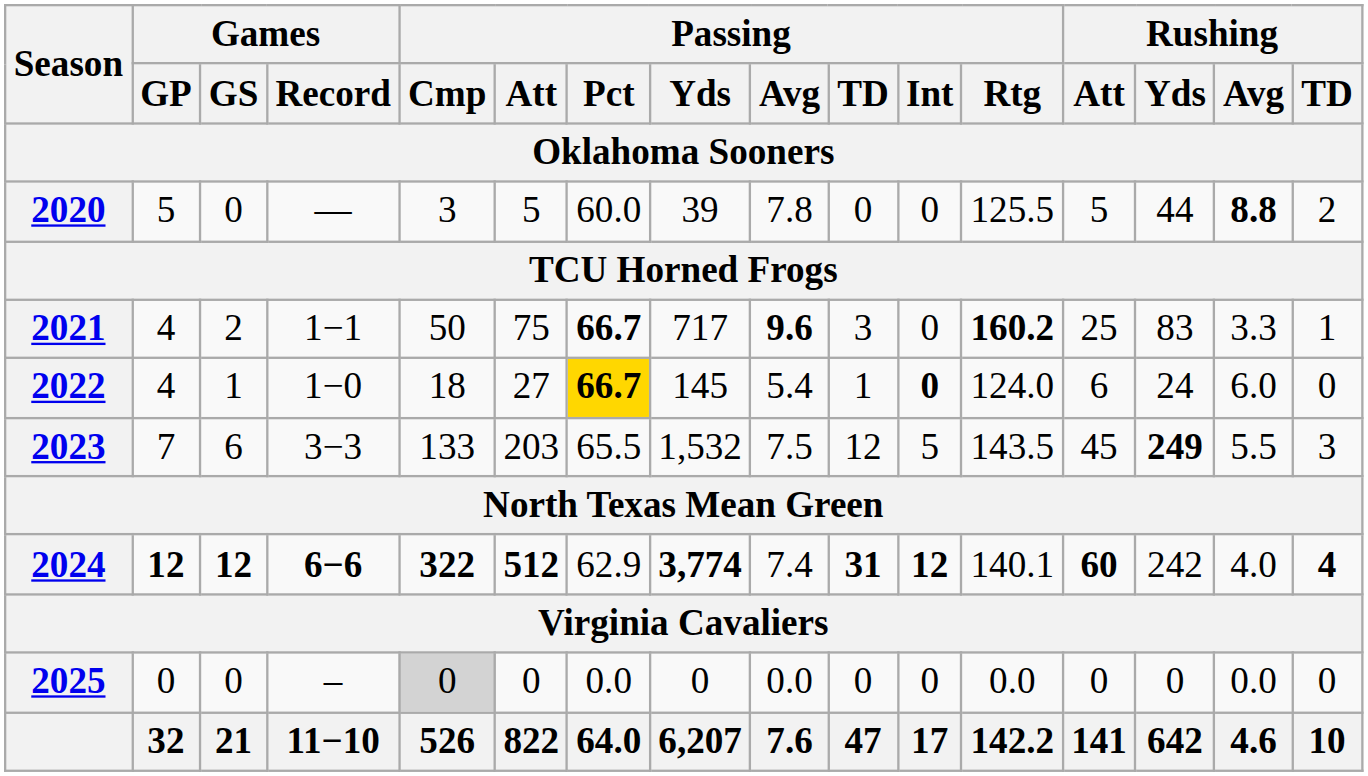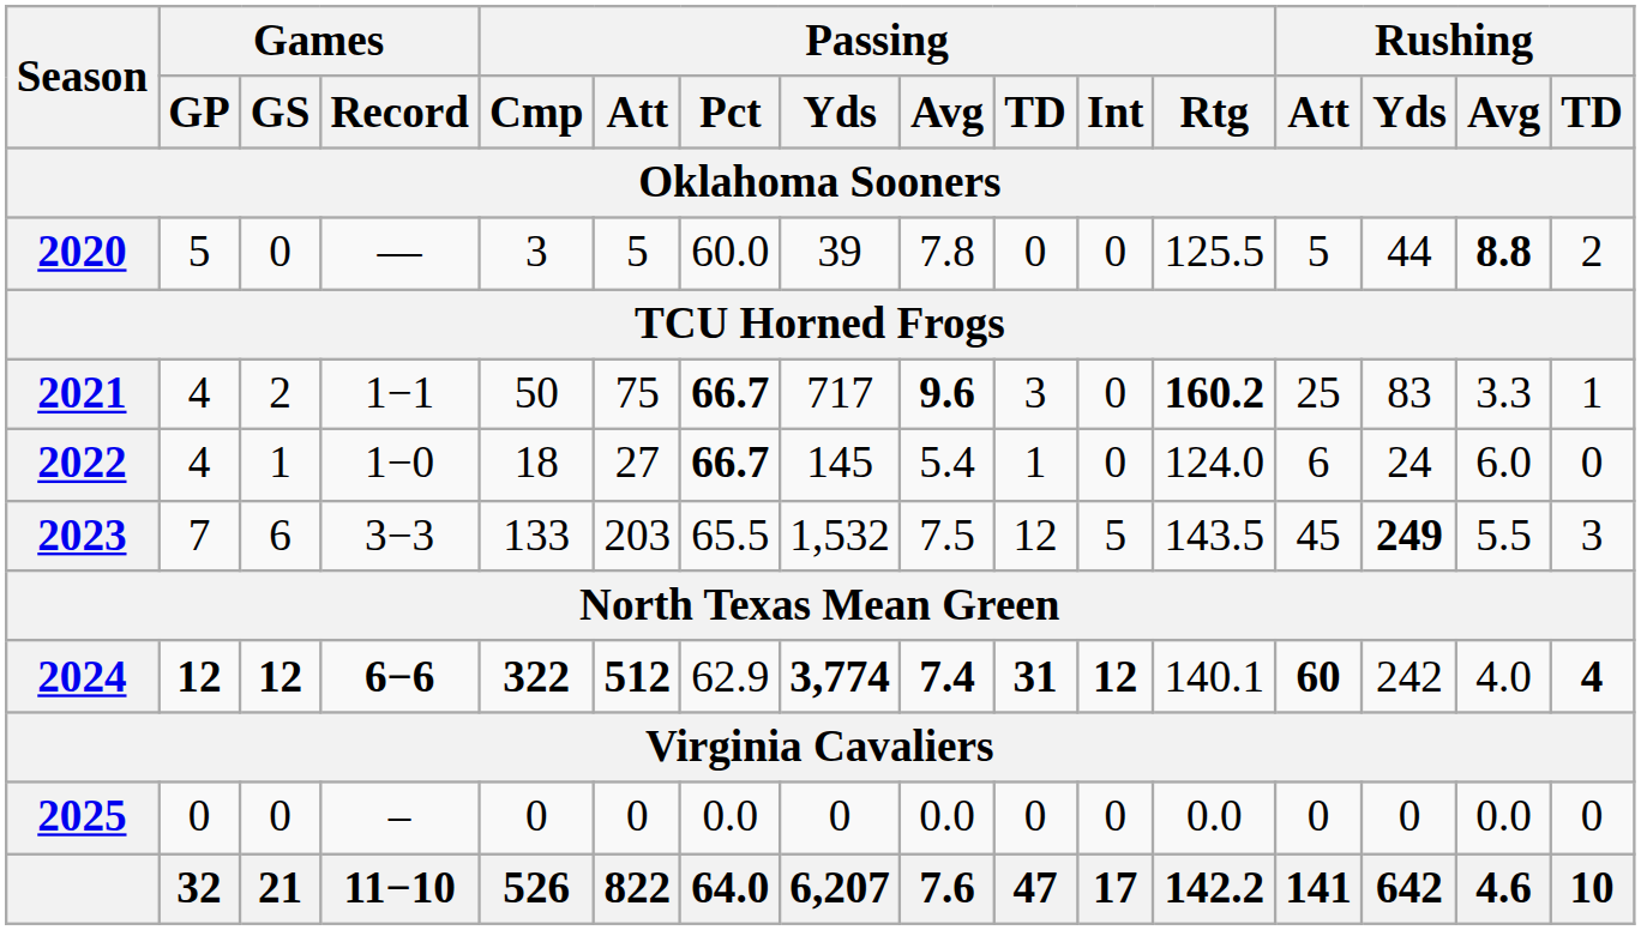 <table class="wikitable" style="text-align:center;">
 <tr>
 <th rowspan="2">Season</th>
 <th colspan="3">Games</th>
 <th colspan="8">Passing</th>
 <th colspan="5">Rushing</th>
 </tr>
 <tr>
 <th>GP</th>
 <th>GS</th>
 <th>Record</th>
 <th>Cmp</th>
 <th>Att</th>
 <th>Pct</th>
 <th>Yds</th>
 <th>Avg</th>
 <th>TD</th>
 <th>Int</th>
 <th>Rtg</th>
 <th>Att</th>
 <th>Yds</th>
 <th>Avg</th>
 <th>TD</th>
 </tr>
 <tr>
 <th colspan="16">Oklahoma Sooners</th>
 </tr>
 <tr>
 <th><a href='#'>2020</a></th>
 <td>5</td>
 <td>0</td>
 <td>—</td>
 <td>3</td>
 <td>5</td>
 <td>60.0</td>
 <td>39</td>
 <td>7.8</td>
 <td>0</td>
 <td>0</td>
 <td>125.5</td>
 <td>5</td>
 <td>44</td>
 <td><strong>8.8</strong></td>
 <td>2</td>
 </tr>
 <tr>
 <th colspan="16">TCU Horned Frogs</th>
 </tr>
 <tr>
 <th><a href='#'>2021</a></th>
 <td>4</td>
 <td>2</td>
 <td>1−1</td>
 <td>50</td>
 <td>75</td>
 <td><strong>66.7</strong></td>
 <td>717</td>
 <td><strong>9.6</strong></td>
 <td>3</td>
 <td>0</td>
 <td><strong>160.2</strong></td>
 <td>25</td>
 <td>83</td>
 <td>3.3</td>
 <td>1</td>
 </tr>
 <tr>
 <th><a href='#'>2022</a></th>
 <td>4</td>
 <td>1</td>
 <td>1−0</td>
 <td>18</td>
 <td>27</td>
-<td style="background: gold;"><strong>66.7</strong></td>
+<td><strong>66.7</strong></td>
 <td>145</td>
 <td>5.4</td>
 <td>1</td>
-<td><strong>0</strong></td>
+<td>0</td>
 <td>124.0</td>
 <td>6</td>
 <td>24</td>
 <td>6.0</td>
 <td>0</td>
 </tr>
 <tr>
 <th><a href='#'>2023</a></th>
 <td>7</td>
 <td>6</td>
 <td>3−3</td>
 <td>133</td>
 <td>203</td>
 <td>65.5</td>
 <td>1,532</td>
 <td>7.5</td>
 <td>12</td>
 <td>5</td>
 <td>143.5</td>
 <td>45</td>
 <td><strong>249</strong></td>
 <td>5.5</td>
 <td>3</td>
 </tr>
 <tr>
 <th colspan="16">North Texas Mean Green</th>
 </tr>
 <tr>
 <th><a href='#'>2024</a></th>
 <td><strong>12</strong></td>
 <td><strong>12</strong></td>
 <td><strong>6−6</strong></td>
 <td><strong>322</strong></td>
 <td><strong>512</strong></td>
 <td>62.9</td>
 <td><strong>3,774</strong></td>
-<td>7.4</td>
+<td><strong>7.4</strong></td>
 <td><strong>31</strong></td>
 <td><strong>12</strong></td>
 <td>140.1</td>
 <td><strong>60</strong></td>
 <td>242</td>
 <td>4.0</td>
 <td><strong>4</strong></td>
 </tr>
 <tr>
 <th colspan="16">Virginia Cavaliers</th>
 </tr>
 <tr>
 <th><a href='#'>2025</a></th>
 <td>0</td>
 <td>0</td>
 <td>–</td>
-<td style="background: lightgrey;">0</td>
+<td>0</td>
 <td>0</td>
 <td>0.0</td>
 <td>0</td>
 <td>0.0</td>
 <td>0</td>
 <td>0</td>
 <td>0.0</td>
 <td>0</td>
 <td>0</td>
 <td>0.0</td>
 <td>0</td>
 </tr>
 <tr>
 <th></th>
 <th>32</th>
 <th>21</th>
 <th>11−10</th>
 <th>526</th>
 <th>822</th>
 <th>64.0</th>
 <th>6,207</th>
 <th>7.6</th>
 <th>47</th>
 <th>17</th>
 <th>142.2</th>
 <th>141</th>
 <th>642</th>
 <th>4.6</th>
 <th>10</th>
 </tr>
 </table>
